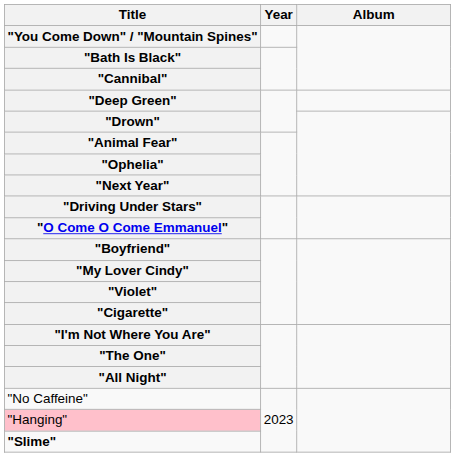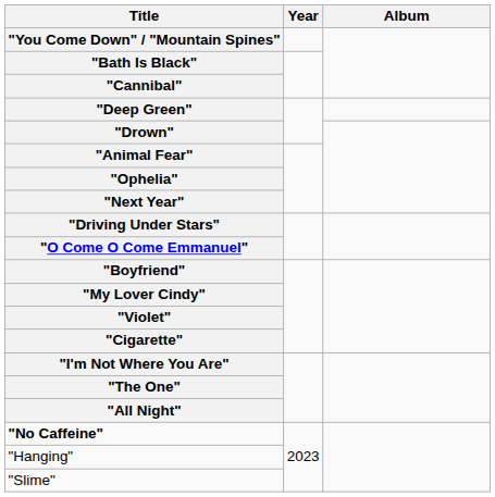 <table class="wikitable plainrowheaders">
 <tr>
 <th scope="col" style="width:18.6em;">Title</th>
 <th scope="col" style="width:2em;">Year</th>
 <th scope="col" style="width:11em;">Album</th>
 </tr>
 <tr>
 <th scope="row">"You Come Down" / "Mountain Spines"</th>
 <td></td>
 <td rowspan="3"></td>
 </tr>
 <tr>
 <th scope="row">"Bath Is Black"</th>
 <td rowspan="2"></td>
 </tr>
 <tr>
 <th scope="row">"Cannibal"</th>
 </tr>
 <tr>
 <th scope="row">"Deep Green"</th>
 <td rowspan="2"></td>
 <td></td>
 </tr>
 <tr>
 <th scope="row">"Drown"</th>
 <td rowspan="4"></td>
 </tr>
 <tr>
 <th scope="row">"Animal Fear"</th>
 <td rowspan="3"></td>
 </tr>
 <tr>
 <th scope="row">"Ophelia"</th>
 </tr>
 <tr>
 <th scope="row">"Next Year"</th>
 </tr>
 <tr>
 <th scope="row">"Driving Under Stars"</th>
 <td rowspan="2"></td>
 <td rowspan="2"></td>
 </tr>
 <tr>
 <th scope="row">"<a href='#'>O Come O Come Emmanuel</a>"</th>
 </tr>
 <tr>
 <th scope="row">"Boyfriend"</th>
 <td rowspan="4"></td>
 <td rowspan="4"></td>
 </tr>
 <tr>
 <th scope="row">"My Lover Cindy"</th>
 </tr>
 <tr>
 <th scope="row">"Violet"</th>
 </tr>
 <tr>
 <th scope="row">"Cigarette"</th>
 </tr>
 <tr>
 <th scope="row">"I'm Not Where You Are"</th>
 <td rowspan="3"></td>
 <td rowspan="3"></td>
 </tr>
 <tr>
 <th scope="row">"The One"</th>
 </tr>
 <tr>
 <th scope="row">"All Night"</th>
 </tr>
 <tr>
-<td>"No Caffeine"</td>
+<td><strong>"No Caffeine"</strong></td>
 <td rowspan="3">2023</td>
 <td rowspan="3"></td>
 </tr>
 <tr>
-<td style="background: pink;">"Hanging"</td>
+<td>"Hanging"</td>
 </tr>
 <tr>
-<td><strong>"Slime"</strong></td>
+<td>"Slime"</td>
 </tr>
 </table>
